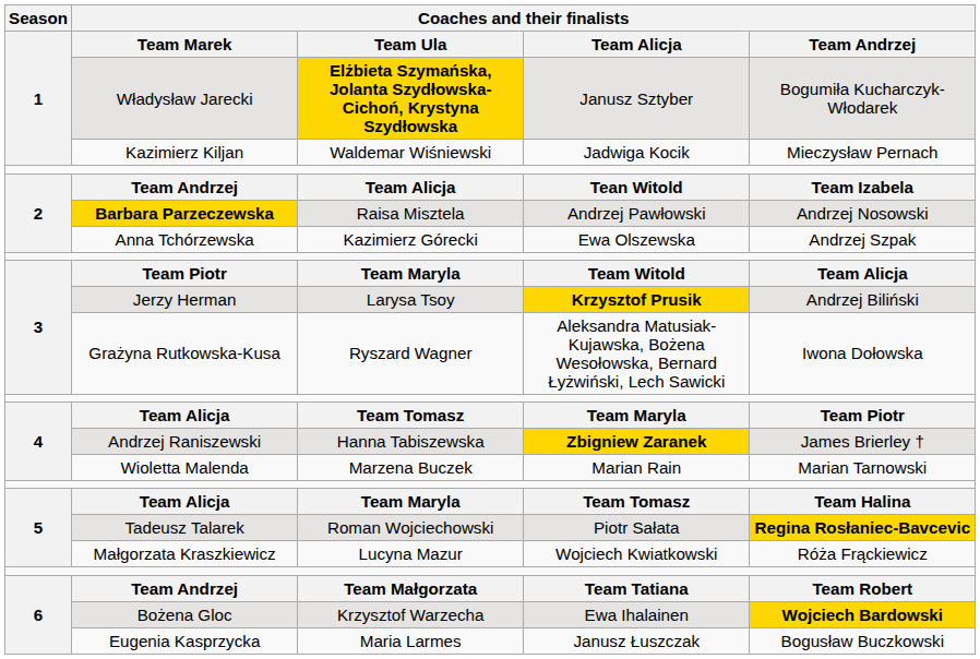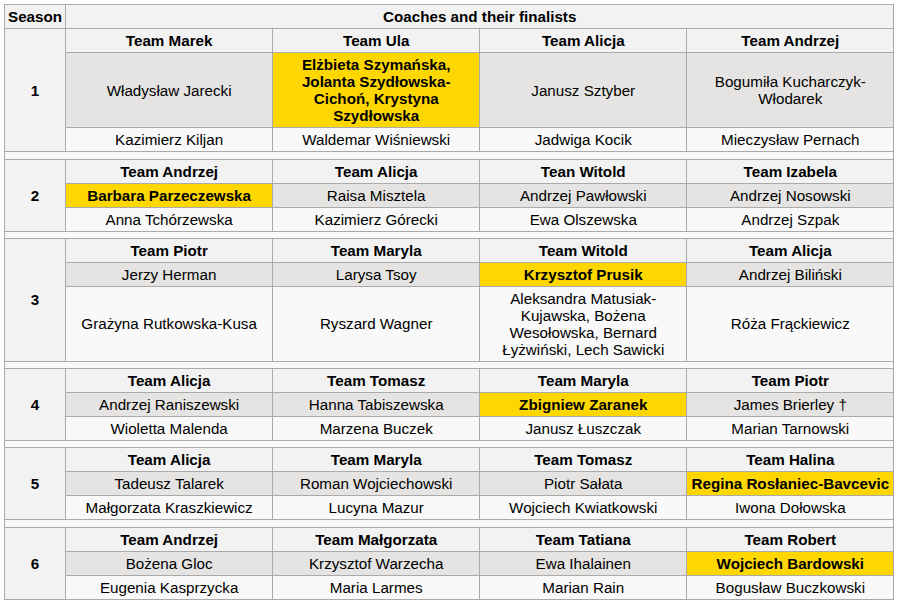 <table class="wikitable" style="text-align:center; font-size:95%">
 <tr>
 <th style="width:50px">Season</th>
 <th style="width:50px" colspan="4">Coaches and their finalists</th>
 </tr>
 <tr>
 <th rowspan="3">1</th>
 <th style="width:200px" scope="col">Team Marek</th>
 <th style="width:200px" scope="col">Team Ula</th>
 <th style="width:200px" scope="col">Team Alicja</th>
 <th style="width:200px" scope="col">Team Andrzej</th>
 </tr>
 <tr>
 <td bgcolor="#E5E4E2">Władysław Jarecki</td>
 <td bgcolor="#FFD700"><strong>Elżbieta Szymańska, Jolanta Szydłowska-Cichoń, Krystyna Szydłowska</strong></td>
 <td bgcolor="#E5E4E2">Janusz Sztyber</td>
 <td bgcolor="#E5E4E2">Bogumiła Kucharczyk-Włodarek</td>
 </tr>
 <tr>
 <td>Kazimierz Kiljan</td>
 <td>Waldemar Wiśniewski</td>
 <td>Jadwiga Kocik</td>
 <td>Mieczysław Pernach</td>
 </tr>
 <tr>
 <td colspan="5"></td>
 </tr>
 <tr>
 <th rowspan="3">2</th>
 <th scope="col">Team Andrzej</th>
 <th scope="col">Team Alicja</th>
 <th scope="col">Tean Witold</th>
 <th scope="col">Team Izabela</th>
 </tr>
 <tr>
 <td bgcolor="#FFD700"><strong>Barbara Parzeczewska</strong></td>
 <td bgcolor="#E5E4E2">Raisa Misztela</td>
 <td bgcolor="#E5E4E2">Andrzej Pawłowski</td>
 <td bgcolor="#E5E4E2">Andrzej Nosowski</td>
 </tr>
 <tr>
 <td>Anna Tchórzewska</td>
 <td>Kazimierz Górecki</td>
 <td>Ewa Olszewska</td>
 <td>Andrzej Szpak</td>
 </tr>
 <tr>
 <td colspan="5"></td>
 </tr>
 <tr>
 <th rowspan="3">3</th>
 <th scope="col">Team Piotr</th>
 <th scope="col">Team Maryla</th>
 <th scope="col">Team Witold</th>
 <th scope="col">Team Alicja</th>
 </tr>
 <tr>
 <td bgcolor="#E5E4E2">Jerzy Herman</td>
 <td bgcolor="#E5E4E2">Larysa Tsoy</td>
 <td bgcolor="#FFD700"><strong>Krzysztof Prusik</strong></td>
 <td bgcolor="#E5E4E2">Andrzej Biliński</td>
 </tr>
 <tr>
 <td>Grażyna Rutkowska-Kusa</td>
 <td>Ryszard Wagner</td>
 <td>Aleksandra Matusiak-Kujawska, Bożena Wesołowska, Bernard Łyżwiński, Lech Sawicki</td>
-<td>Iwona Dołowska</td>
+<td>Róża Frąckiewicz</td>
 </tr>
 <tr>
 <td colspan="5"></td>
 </tr>
 <tr>
 <th rowspan="3">4</th>
 <th scope="col">Team Alicja</th>
 <th scope="col">Team Tomasz</th>
 <th scope="col">Team Maryla</th>
 <th scope="col">Team Piotr</th>
 </tr>
 <tr>
 <td bgcolor="#E5E4E2">Andrzej Raniszewski</td>
 <td bgcolor="#E5E4E2">Hanna Tabiszewska</td>
 <td bgcolor="#FFD700"><strong>Zbigniew Zaranek</strong></td>
 <td bgcolor="#E5E4E2">James Brierley †</td>
 </tr>
 <tr>
 <td>Wioletta Malenda</td>
 <td>Marzena Buczek</td>
-<td>Marian Rain</td>
+<td>Janusz Łuszczak</td>
 <td>Marian Tarnowski</td>
 </tr>
 <tr>
 <td colspan="5"></td>
 </tr>
 <tr>
 <th rowspan="3">5</th>
 <th scope="col">Team Alicja</th>
 <th scope="col">Team Maryla</th>
 <th scope="col">Team Tomasz</th>
 <th scope="col">Team Halina</th>
 </tr>
 <tr>
 <td bgcolor="#E5E4E2">Tadeusz Talarek</td>
 <td bgcolor="#E5E4E2">Roman Wojciechowski</td>
 <td bgcolor="#E5E4E2">Piotr Sałata</td>
 <td bgcolor="#FFD700"><strong>Regina Rosłaniec-Bavcevic</strong></td>
 </tr>
 <tr>
 <td>Małgorzata Kraszkiewicz</td>
 <td>Lucyna Mazur</td>
 <td>Wojciech Kwiatkowski</td>
-<td>Róża Frąckiewicz</td>
+<td>Iwona Dołowska</td>
 </tr>
 <tr>
 <td colspan="5"></td>
 </tr>
 <tr>
 <th rowspan="3">6</th>
 <th scope="col">Team Andrzej</th>
 <th scope="col">Team Małgorzata</th>
 <th scope="col">Team Tatiana</th>
 <th scope="col">Team Robert</th>
 </tr>
 <tr>
 <td bgcolor="#E5E4E2">Bożena Gloc</td>
 <td bgcolor="#E5E4E2">Krzysztof Warzecha</td>
 <td bgcolor="#E5E4E2">Ewa Ihalainen</td>
 <td bgcolor="#FFD700"><strong>Wojciech Bardowski</strong></td>
 </tr>
 <tr>
 <td>Eugenia Kasprzycka</td>
 <td>Maria Larmes</td>
-<td>Janusz Łuszczak</td>
+<td>Marian Rain</td>
 <td>Bogusław Buczkowski</td>
 </tr>
 </table>
